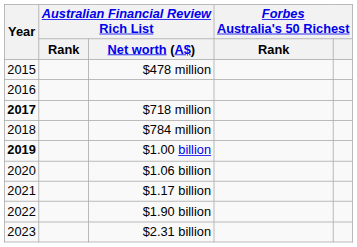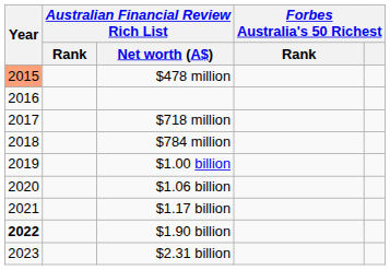 <table class="wikitable">
 <tr>
 <th rowspan=2>Year</th>
 <th colspan=2><em><a href='#'>Australian Financial Review</a></em><br><a href='#'>Rich List</a></th>
 <th colspan=2><em><a href='#'>Forbes</a></em><br><a href='#'>Australia's 50 Richest</a></th>
 </tr>
 <tr>
 <th>Rank</th>
 <th><a href='#'>Net worth</a> (<a href='#'>A$</a>)</th>
 <th>Rank</th>
 <th></th>
 </tr>
 <tr>
-<td>2015</td>
+<td style="background: lightsalmon;">2015</td>
 <td align="center"></td>
 <td align="right">$478 million </td>
 <td align="center"></td>
 <td align="right"></td>
 </tr>
 <tr>
 <td>2016</td>
 <td align="center"></td>
 <td align="right"></td>
 <td align="center"></td>
 <td align="right"></td>
 </tr>
 <tr>
-<td><strong>2017</strong></td>
+<td>2017</td>
 <td align="center"></td>
 <td align="right">$718 million </td>
 <td align="center"></td>
 <td align="right"></td>
 </tr>
 <tr>
 <td>2018</td>
 <td align="center"></td>
 <td align="right">$784 million </td>
 <td align="center"></td>
 <td align="right"></td>
 </tr>
 <tr>
-<td><strong>2019</strong></td>
+<td>2019</td>
 <td align="center"></td>
 <td align="right">$1.00 <a href='#'>billion</a> </td>
 <td align="center"></td>
 <td align="right"></td>
 </tr>
 <tr>
 <td>2020</td>
 <td align="center"></td>
 <td align="right">$1.06 billion </td>
 <td align="center"></td>
 <td align="right"></td>
 </tr>
 <tr>
 <td>2021</td>
 <td align="center"></td>
 <td align="right">$1.17 billion </td>
 <td align="center"></td>
 <td align="right"></td>
 </tr>
 <tr>
-<td>2022</td>
+<td><strong>2022</strong></td>
 <td align="center"></td>
 <td align="right">$1.90 billion </td>
 <td align="center"></td>
 <td align="right"></td>
 </tr>
 <tr>
 <td>2023</td>
 <td align="center"></td>
 <td align="right">$2.31 billion </td>
 <td align="center"></td>
 <td align="right"></td>
 </tr>
 </table>
